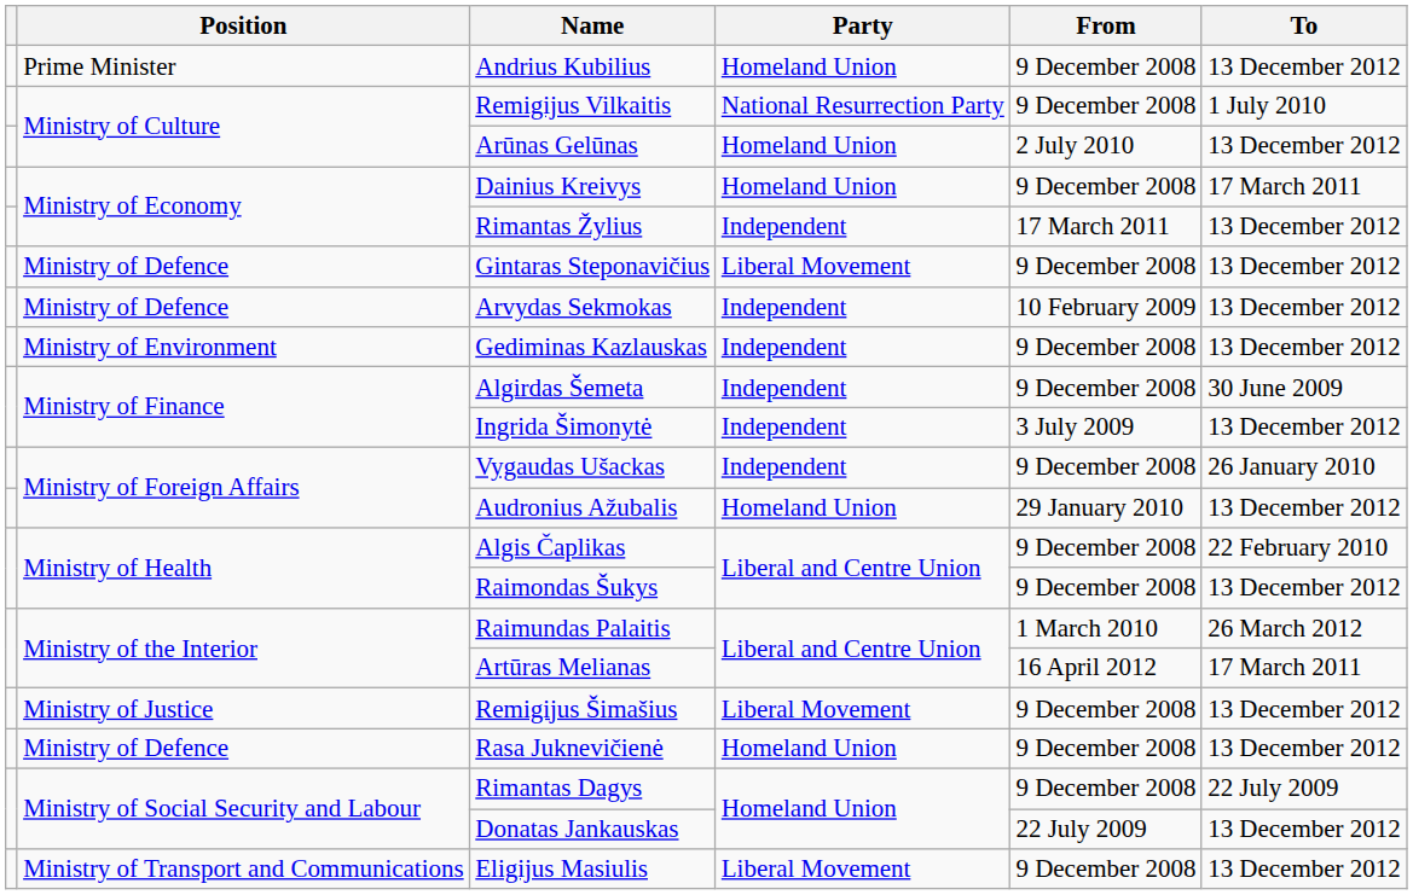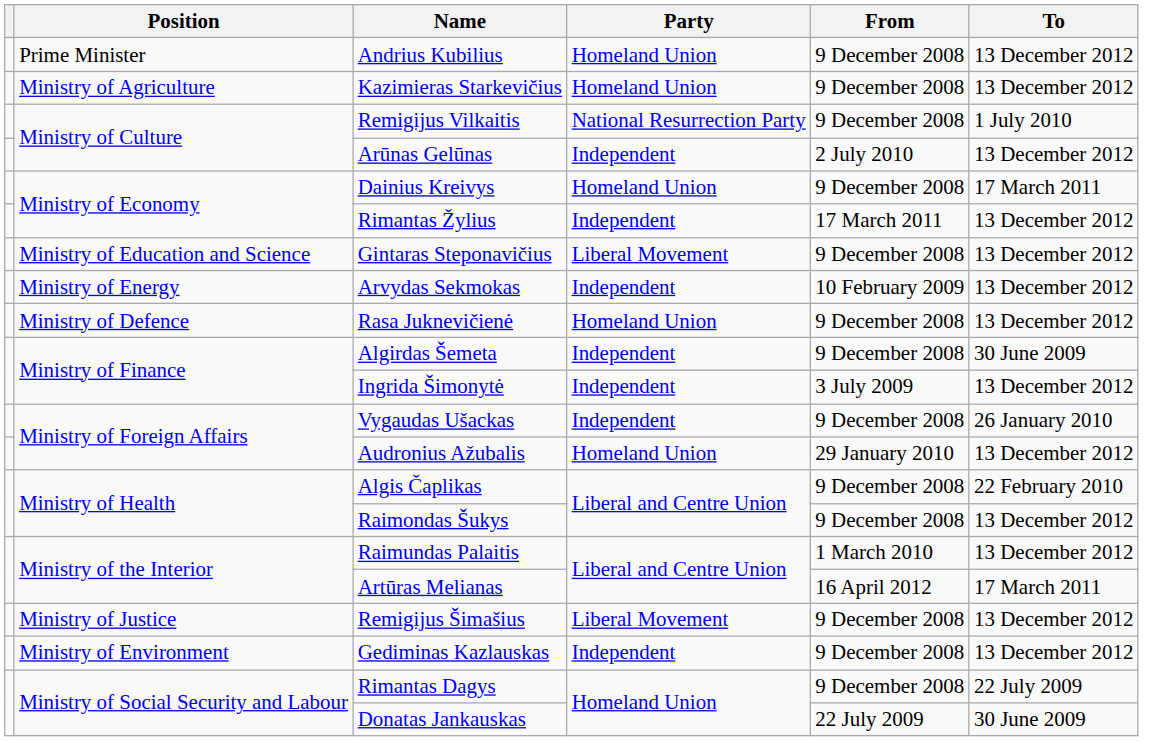 <table class="wikitable">
 <tr>
 <th></th>
 <th>Position</th>
 <th>Name</th>
 <th>Party</th>
 <th>From</th>
 <th>To</th>
 </tr>
 <tr>
 <td style="background-color: "></td>
 <td>Prime Minister</td>
 <td><a href='#'>Andrius Kubilius</a></td>
 <td><a href='#'>Homeland Union</a></td>
 <td>9 December 2008</td>
 <td>13 December 2012</td>
 </tr>
 <tr>
 <td style="background-color: "></td>
+<td><a href='#'>Ministry of Agriculture</a></td>
+<td><a href='#'>Kazimieras Starkevičius</a></td>
+<td><a href='#'>Homeland Union</a></td>
+<td>9 December 2008</td>
+<td>13 December 2012</td>
+</tr>
+<tr>
+<td style="background-color: "></td>
 <td rowspan=2><a href='#'>Ministry of Culture</a></td>
 <td><a href='#'>Remigijus Vilkaitis</a></td>
 <td><a href='#'>National Resurrection Party</a></td>
 <td>9 December 2008</td>
 <td>1 July 2010</td>
 </tr>
 <tr>
 <td style="background-color: "></td>
 <td><a href='#'>Arūnas Gelūnas</a></td>
-<td><a href='#'>Homeland Union</a></td>
+<td><a href='#'>Independent</a></td>
 <td>2 July 2010</td>
 <td>13 December 2012</td>
 </tr>
 <tr>
 <td style="background-color: "></td>
 <td rowspan=2><a href='#'>Ministry of Economy</a></td>
 <td><a href='#'>Dainius Kreivys</a></td>
 <td><a href='#'>Homeland Union</a></td>
 <td>9 December 2008</td>
 <td>17 March 2011</td>
 </tr>
 <tr>
 <td style="background-color: "></td>
 <td><a href='#'>Rimantas Žylius</a></td>
 <td><a href='#'>Independent</a></td>
 <td>17 March 2011</td>
 <td>13 December 2012</td>
 </tr>
 <tr>
 <td style="background-color: "></td>
-<td><a href='#'>Ministry of Defence</a></td>
+<td><a href='#'>Ministry of Education and Science</a></td>
 <td><a href='#'>Gintaras Steponavičius</a></td>
 <td><a href='#'>Liberal Movement</a></td>
 <td>9 December 2008</td>
 <td>13 December 2012</td>
 </tr>
 <tr>
 <td style="background-color: "></td>
-<td><a href='#'>Ministry of Defence</a></td>
+<td><a href='#'>Ministry of Energy</a></td>
 <td><a href='#'>Arvydas Sekmokas</a></td>
 <td><a href='#'>Independent</a></td>
 <td>10 February 2009</td>
 <td>13 December 2012</td>
 </tr>
 <tr>
 <td style="background-color: "></td>
-<td><a href='#'>Ministry of Environment</a></td>
-<td><a href='#'>Gediminas Kazlauskas</a></td>
-<td><a href='#'>Independent</a></td>
+<td><a href='#'>Ministry of Defence</a></td>
+<td><a href='#'>Rasa Juknevičienė</a></td>
+<td><a href='#'>Homeland Union</a></td>
 <td>9 December 2008</td>
 <td>13 December 2012</td>
 </tr>
 <tr>
 <td rowspan=2 style="background-color: "></td>
 <td rowspan=2><a href='#'>Ministry of Finance</a></td>
 <td><a href='#'>Algirdas Šemeta</a></td>
 <td><a href='#'>Independent</a></td>
 <td>9 December 2008</td>
 <td>30 June 2009</td>
 </tr>
 <tr>
 <td><a href='#'>Ingrida Šimonytė</a></td>
 <td><a href='#'>Independent</a></td>
 <td>3 July 2009</td>
 <td>13 December 2012</td>
 </tr>
 <tr>
 <td style="background-color: "></td>
 <td rowspan=2><a href='#'>Ministry of Foreign Affairs</a></td>
 <td><a href='#'>Vygaudas Ušackas</a></td>
 <td><a href='#'>Independent</a></td>
 <td>9 December 2008</td>
 <td>26 January 2010</td>
 </tr>
 <tr>
 <td style="background-color: "></td>
 <td><a href='#'>Audronius Ažubalis</a></td>
 <td><a href='#'>Homeland Union</a></td>
 <td>29 January 2010</td>
 <td>13 December 2012</td>
 </tr>
 <tr>
 <td rowspan=2 style="background-color: "></td>
 <td rowspan=2><a href='#'>Ministry of Health</a></td>
 <td><a href='#'>Algis Čaplikas</a></td>
 <td rowspan=2><a href='#'>Liberal and Centre Union</a></td>
 <td>9 December 2008</td>
 <td>22 February 2010</td>
 </tr>
 <tr>
 <td><a href='#'>Raimondas Šukys</a></td>
 <td>9 December 2008</td>
 <td>13 December 2012</td>
 </tr>
 <tr>
 <td rowspan=2 style="background-color: "></td>
 <td rowspan=2><a href='#'>Ministry of the Interior</a></td>
 <td><a href='#'>Raimundas Palaitis</a></td>
 <td rowspan=2><a href='#'>Liberal and Centre Union</a></td>
 <td>1 March 2010</td>
-<td>26 March 2012</td>
+<td>13 December 2012</td>
 </tr>
 <tr>
 <td><a href='#'>Artūras Melianas</a></td>
 <td>16 April 2012</td>
 <td>17 March 2011</td>
 </tr>
 <tr>
 <td style="background-color: "></td>
 <td><a href='#'>Ministry of Justice</a></td>
 <td><a href='#'>Remigijus Šimašius</a></td>
 <td><a href='#'>Liberal Movement</a></td>
 <td>9 December 2008</td>
 <td>13 December 2012</td>
 </tr>
 <tr>
 <td style="background-color: "></td>
-<td><a href='#'>Ministry of Defence</a></td>
-<td><a href='#'>Rasa Juknevičienė</a></td>
-<td><a href='#'>Homeland Union</a></td>
+<td><a href='#'>Ministry of Environment</a></td>
+<td><a href='#'>Gediminas Kazlauskas</a></td>
+<td><a href='#'>Independent</a></td>
 <td>9 December 2008</td>
 <td>13 December 2012</td>
 </tr>
 <tr>
 <td rowspan=2 style="background-color: "></td>
 <td rowspan=2><a href='#'>Ministry of Social Security and Labour</a></td>
 <td><a href='#'>Rimantas Dagys</a></td>
 <td rowspan=2><a href='#'>Homeland Union</a></td>
 <td>9 December 2008</td>
 <td>22 July 2009</td>
 </tr>
 <tr>
 <td><a href='#'>Donatas Jankauskas</a></td>
 <td>22 July 2009</td>
-<td>13 December 2012</td>
-</tr>
-<tr>
-<td style="background-color: "></td>
-<td><a href='#'>Ministry of Transport and Communications</a></td>
-<td><a href='#'>Eligijus Masiulis</a></td>
-<td><a href='#'>Liberal Movement</a></td>
-<td>9 December 2008</td>
-<td>13 December 2012</td>
+<td>30 June 2009</td>
 </tr>
 </table>
